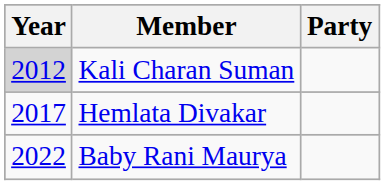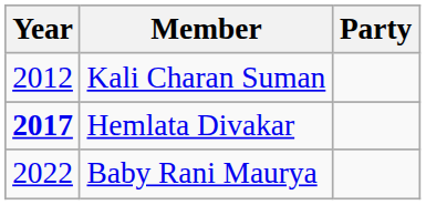 <table class="wikitable sortable">
 <tr>
 <th>Year</th>
 <th>Member</th>
 <th colspan="2">Party</th>
 </tr>
 <tr>
-<td style="background: lightgrey;"><a href='#'>2012</a></td>
+<td><a href='#'>2012</a></td>
 <td><a href='#'>Kali Charan Suman</a></td>
 <td> </td>
 </tr>
 <tr>
-<td><a href='#'>2017</a></td>
+<td><strong><a href='#'>2017</a></strong></td>
 <td><a href='#'>Hemlata Divakar</a></td>
 <td></td>
 </tr>
 <tr>
 <td><a href='#'>2022</a></td>
 <td><a href='#'>Baby Rani Maurya</a></td>
 </tr>
 </table>
